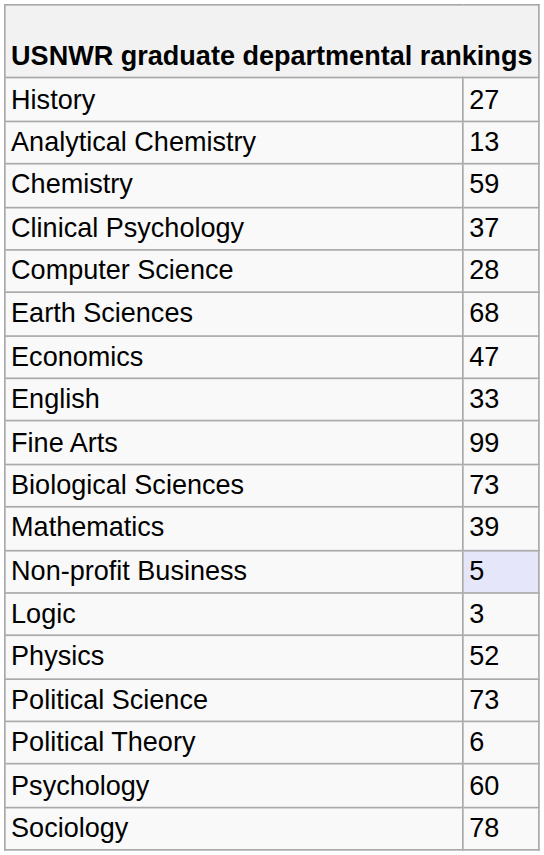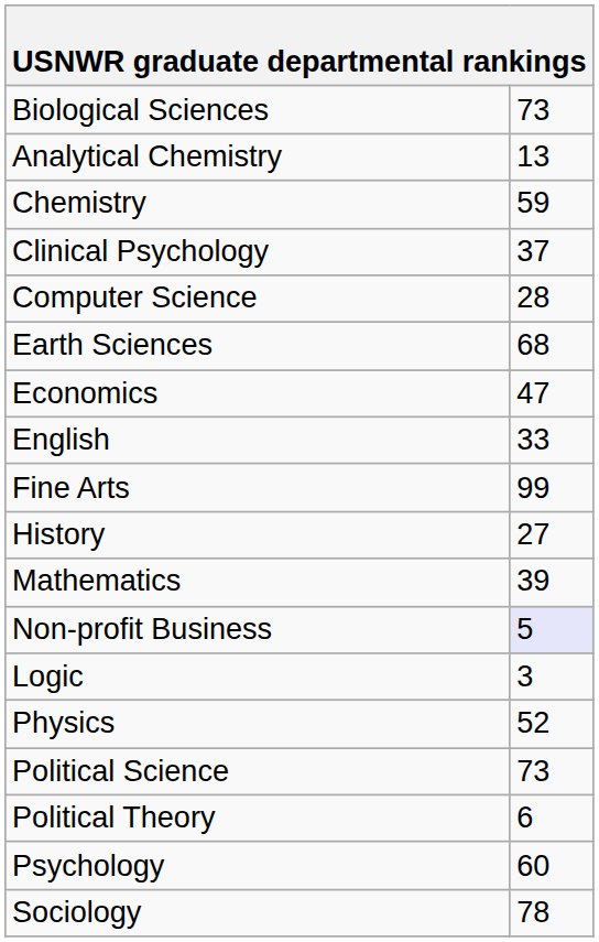 <table class="wikitable sortable collapsible collapsed floatright" "text-align:center">
 <tr>
 <th colspan=2><br>USNWR graduate departmental rankings</th>
 </tr>
 <tr>
-<td>History</td>
-<td>27</td>
+<td>Biological Sciences</td>
+<td>73</td>
 </tr>
 <tr>
 <td>Analytical Chemistry</td>
 <td>13</td>
 </tr>
 <tr>
 <td>Chemistry</td>
 <td>59</td>
 </tr>
 <tr>
 <td>Clinical Psychology</td>
 <td>37</td>
 </tr>
 <tr>
 <td>Computer Science</td>
 <td>28</td>
 </tr>
 <tr>
 <td>Earth Sciences</td>
 <td>68</td>
 </tr>
 <tr>
 <td>Economics</td>
 <td>47</td>
 </tr>
 <tr>
 <td>English</td>
 <td>33</td>
 </tr>
 <tr>
 <td>Fine Arts</td>
 <td>99</td>
 </tr>
 <tr>
-<td>Biological Sciences</td>
-<td>73</td>
+<td>History</td>
+<td>27</td>
 </tr>
 <tr>
 <td>Mathematics</td>
 <td>39</td>
 </tr>
 <tr>
 <td>Non-profit Business</td>
 <td style="background: lavender;">5</td>
 </tr>
 <tr>
 <td>Logic</td>
 <td>3</td>
 </tr>
 <tr>
 <td>Physics</td>
 <td>52</td>
 </tr>
 <tr>
 <td>Political Science</td>
 <td>73</td>
 </tr>
 <tr>
 <td>Political Theory</td>
 <td>6</td>
 </tr>
 <tr>
 <td>Psychology</td>
 <td>60</td>
 </tr>
 <tr>
 <td>Sociology</td>
 <td>78</td>
 </tr>
 </table>
